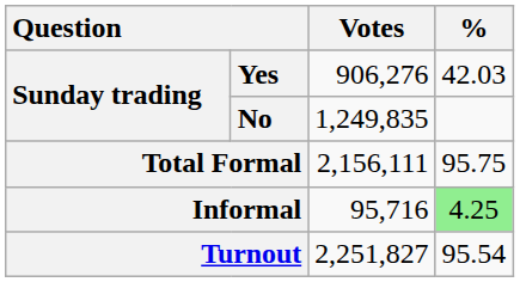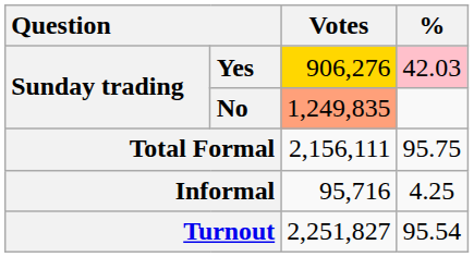 <table class="wikitable" align="center">
 <tr ---->
 <th colspan="2" style="text-align:left">Question</th>
 <th>Votes</th>
 <th>%</th>
 </tr>
 <tr>
 <th rowspan="2" style="text-align:left;padding-right:1em">Sunday trading</th>
 <th style="text-align:left;padding-right:1em">Yes</th>
-<td align="right">906,276</td>
-<td align="center">42.03</td>
+<td align="right" style="background: gold;">906,276</td>
+<td align="center" style="background: pink;">42.03</td>
 </tr>
 <tr>
 <th style="text-align:left">No</th>
-<td align="right">1,249,835</td>
+<td align="right" style="background: lightsalmon;">1,249,835</td>
 <td></td>
 </tr>
 <tr>
 <th colspan="2" style="text-align:right">Total Formal</th>
 <td align="right">2,156,111</td>
 <td align="center">95.75</td>
 </tr>
 <tr>
 <th colspan="2" style="text-align:right">Informal</th>
 <td align="right">95,716</td>
-<td align="center" style="background: lightgreen;">4.25</td>
+<td align="center">4.25</td>
 </tr>
 <tr>
 <th colspan="2" style="text-align:right"><a href='#'>Turnout</a></th>
 <td align="right">2,251,827</td>
 <td align="center">95.54</td>
 </tr>
 </table>
